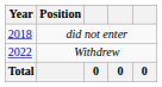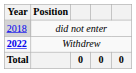 <table class="wikitable" style="text-align: center;">
 <tr>
 <th>Year</th>
 <th>Position</th>
 <th width=25px></th>
 <th width=25px></th>
 <th width=25px></th>
 </tr>
 <tr>
-<td style="text-align: left;"> <a href='#'>2018</a></td>
+<td style="background: lightgrey; text-align: left;"> <a href='#'>2018</a></td>
 <td colspan=4><em>did not enter</em></td>
 </tr>
 <tr>
-<td style="text-align: left;"> <a href='#'>2022</a></td>
+<td style="text-align: left;"><strong> <a href='#'>2022</a></strong></td>
 <td colspan=4><em>Withdrew</em></td>
 </tr>
 <tr>
 <th>Total</th>
 <th></th>
 <th>0</th>
 <th>0</th>
 <th>0</th>
 </tr>
 </table>
